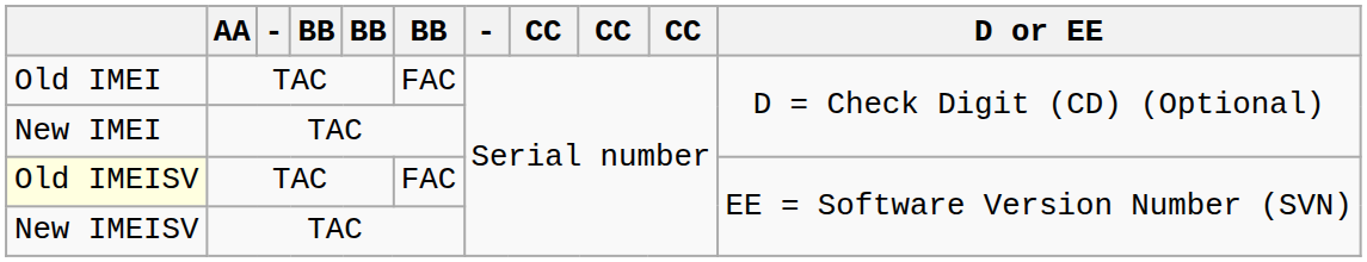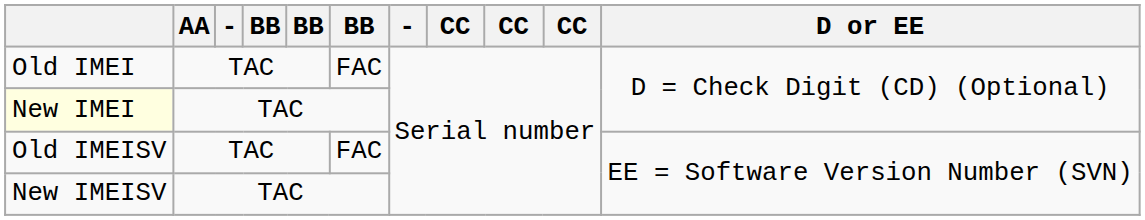 <table class="wikitable" style="margin:auto;">
 <tr>
 <th></th>
 <th>AA</th>
 <th>-</th>
 <th>BB</th>
 <th>BB</th>
 <th>BB</th>
 <th>-</th>
 <th>CC</th>
 <th>CC</th>
 <th>CC</th>
 <th>D or EE</th>
 </tr>
 <tr>
 <td>Old IMEI</td>
 <td style="text-align:center;" colspan="4">TAC</td>
 <td style="text-align:center;">FAC</td>
 <td style="text-align:center;" colspan="4" rowspan="4">Serial number</td>
 <td style="text-align:center;" rowspan="2">D = Check Digit (CD) (Optional)</td>
 </tr>
 <tr>
-<td>New IMEI</td>
+<td style="background: lightyellow;">New IMEI</td>
 <td style="text-align:center;" colspan="5">TAC</td>
 </tr>
 <tr>
-<td style="background: lightyellow;">Old IMEISV</td>
+<td>Old IMEISV</td>
 <td style="text-align:center;" colspan="4">TAC</td>
 <td style="text-align:center;">FAC</td>
 <td style="text-align:center;" rowspan="2">EE = Software Version Number (SVN)</td>
 </tr>
 <tr>
 <td>New IMEISV</td>
 <td style="text-align:center;" colspan="5">TAC</td>
 </tr>
 </table>
